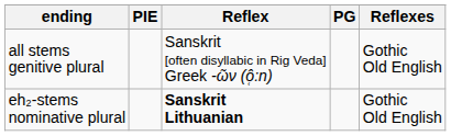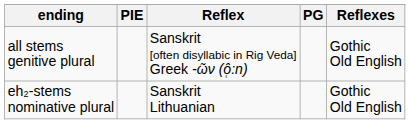 <table class="wikitable">
 <tr>
 </tr>
 <tr>
 <th>ending</th>
 <th>PIE</th>
 <th>Reflex</th>
 <th>PG</th>
 <th>Reflexes</th>
 </tr>
 <tr>
 <td>all stems<br>genitive plural</td>
 <td></td>
 <td>Sanskrit  <br><small>[often disyllabic in Rig Veda]</small><br>Greek <em>-ῶν (ô̜:n)</em></td>
 <td></td>
 <td>Gothic <br>Old English </td>
 </tr>
 <tr>
 <td>eh₂-stems<br>nominative plural</td>
 <td></td>
-<td><strong>Sanskrit <br>Lithuanian </strong></td>
+<td>Sanskrit <br>Lithuanian </td>
 <td></td>
 <td>Gothic <br>Old English </td>
 </tr>
 </table>
